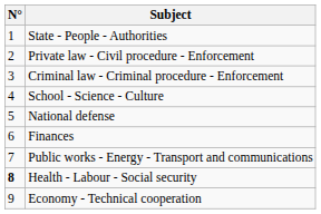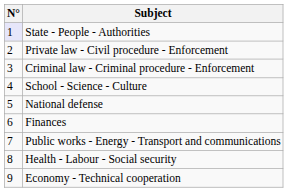 <table class="wikitable">
 <tr>
 <th>N°</th>
 <th>Subject</th>
 </tr>
 <tr>
-<td>1</td>
+<td style="background: lavender;">1</td>
 <td>State - People - Authorities</td>
 </tr>
 <tr>
 <td>2</td>
 <td>Private law - Civil procedure - Enforcement</td>
 </tr>
 <tr>
 <td>3</td>
 <td>Criminal law - Criminal procedure - Enforcement</td>
 </tr>
 <tr>
 <td>4</td>
 <td>School - Science - Culture</td>
 </tr>
 <tr>
 <td>5</td>
 <td>National defense</td>
 </tr>
 <tr>
 <td>6</td>
 <td>Finances</td>
 </tr>
 <tr>
 <td>7</td>
 <td>Public works - Energy - Transport and communications</td>
 </tr>
 <tr>
-<td><strong>8</strong></td>
+<td>8</td>
 <td>Health - Labour - Social security</td>
 </tr>
 <tr>
 <td>9</td>
 <td>Economy - Technical cooperation</td>
 </tr>
 </table>
